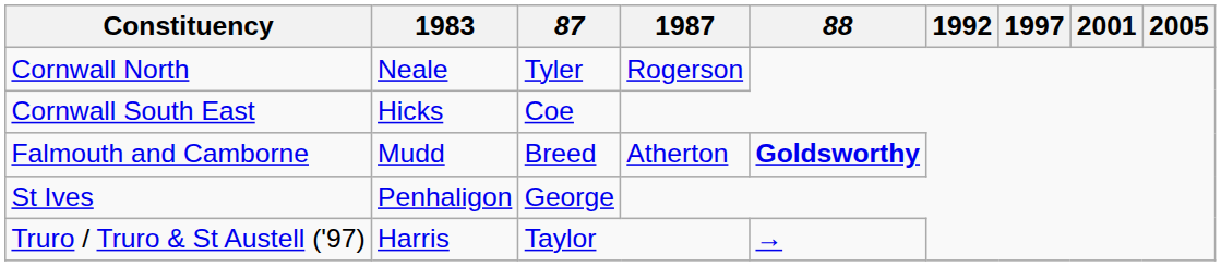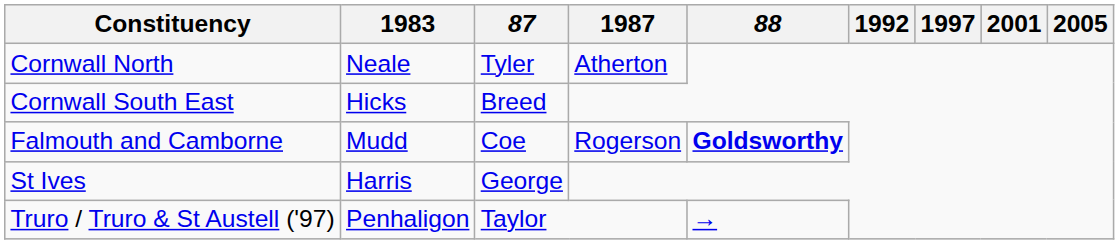 <table class="wikitable">
 <tr>
 <th>Constituency</th>
 <th>1983</th>
 <th><em>87</em></th>
 <th>1987</th>
 <th><em>88</em></th>
 <th>1992</th>
 <th>1997</th>
 <th>2001</th>
 <th>2005</th>
 </tr>
 <tr>
 <td><a href='#'>Cornwall North</a></td>
 <td><a href='#'>Neale</a></td>
 <td><a href='#'>Tyler</a></td>
-<td><a href='#'>Rogerson</a></td>
+<td><a href='#'>Atherton</a></td>
 </tr>
 <tr>
 <td><a href='#'>Cornwall South East</a></td>
 <td><a href='#'>Hicks</a></td>
-<td><a href='#'>Coe</a></td>
+<td><a href='#'>Breed</a></td>
 </tr>
 <tr>
 <td><a href='#'>Falmouth and Camborne</a></td>
 <td><a href='#'>Mudd</a></td>
-<td><a href='#'>Breed</a></td>
-<td><a href='#'>Atherton</a></td>
+<td><a href='#'>Coe</a></td>
+<td><a href='#'>Rogerson</a></td>
 <td><strong><a href='#'>Goldsworthy</a></strong></td>
 </tr>
 <tr>
 <td><a href='#'>St Ives</a></td>
-<td><a href='#'>Penhaligon</a></td>
+<td><a href='#'>Harris</a></td>
 <td><a href='#'>George</a></td>
 </tr>
 <tr>
 <td><a href='#'>Truro</a> / <a href='#'>Truro & St Austell</a> ('97)</td>
-<td><a href='#'>Harris</a></td>
+<td><a href='#'>Penhaligon</a></td>
 <td colspan="2"><a href='#'>Taylor</a></td>
 <td><a href='#'>→</a></td>
 </tr>
 </table>
